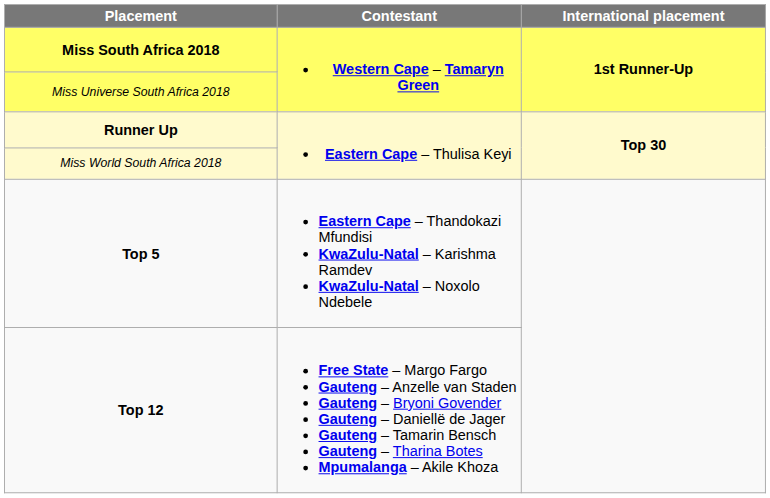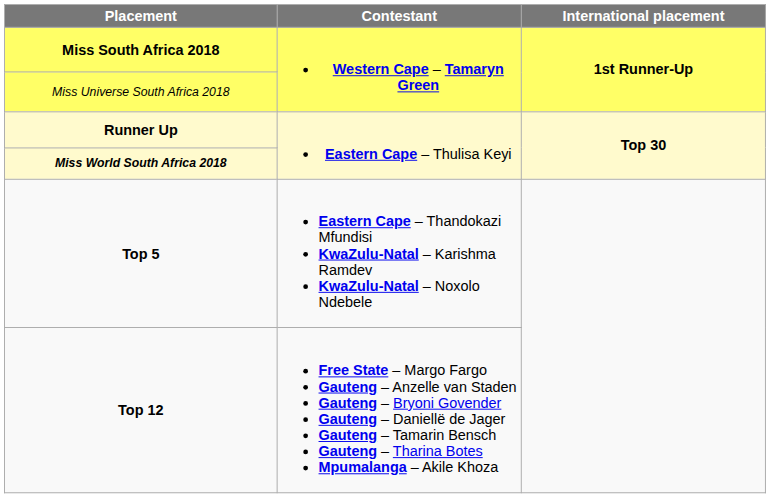 <table class="wikitable sortable" style="font-size:95%;">
 <tr>
 <th style="width:280px;background-color:#787878;color:#FFFFFF;">Placement</th>
 <th style="width:250px;background-color:#787878;color:#FFFFFF;">Contestant</th>
 <th style="width:250px;background-color:#787878;color:#FFFFFF;">International placement</th>
 </tr>
 <tr align="center" style="background:#FFFF66">
 <td style="text-align:center"><strong>Miss South Africa 2018</strong></td>
 <td rowspan=2><br><ul><li><strong><a href='#'>Western Cape</a></strong> – <strong><a href='#'>Tamaryn Green</a></strong></li></ul></td>
 <td rowspan="2"><strong>1st Runner-Up</strong></td>
 </tr>
 <tr align="center" style="background:#FFFF66">
 <td style="text-align:center; font-size:85%"><em>Miss Universe South Africa 2018</em></td>
 </tr>
 <tr align="center" style="background:#FFFACD;">
 <td style="text-align:center"><strong>Runner Up</strong></td>
 <td rowspan=2><br><ul><li><strong><a href='#'>Eastern Cape</a></strong> – Thulisa Keyi</li></ul></td>
 <td rowspan="2"><strong>Top 30</strong></td>
 </tr>
 <tr align="center" style="background:#FFFACD">
-<td style="text-align:center; font-size:85%"><em>Miss World South Africa 2018</em></td>
+<td style="text-align:center; font-size:85%"><strong><em>Miss World South Africa 2018</em></strong></td>
 </tr>
 <tr>
 <td style="text-align:center"><strong>Top 5</strong></td>
 <td><br><ul><li><strong><a href='#'>Eastern Cape</a></strong> – Thandokazi Mfundisi</li><li><strong><a href='#'>KwaZulu-Natal</a></strong> – Karishma Ramdev</li><li><strong><a href='#'>KwaZulu-Natal</a></strong> – Noxolo Ndebele</li></ul></td>
 </tr>
 <tr>
 <td style="text-align:center"><strong>Top 12</strong></td>
 <td><br><ul><li><strong><a href='#'>Free State</a></strong> – Margo Fargo</li><li><strong><a href='#'>Gauteng</a></strong> – Anzelle van Staden</li><li><strong><a href='#'>Gauteng</a></strong> – <a href='#'>Bryoni Govender</a></li><li><strong><a href='#'>Gauteng</a></strong> – Daniellë de Jager</li><li><strong><a href='#'>Gauteng</a></strong> – Tamarin Bensch</li><li><strong><a href='#'>Gauteng</a></strong> – <a href='#'>Tharina Botes</a></li><li><strong><a href='#'>Mpumalanga</a></strong> – Akile Khoza</li></ul></td>
 </tr>
 </table>
